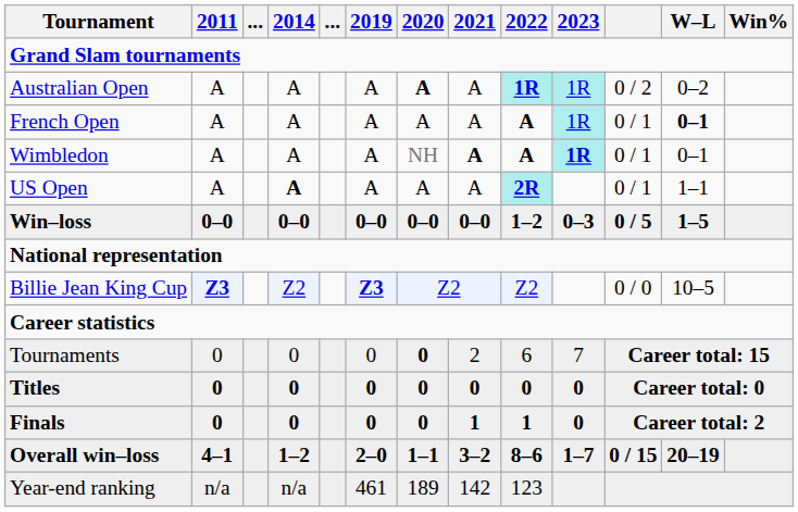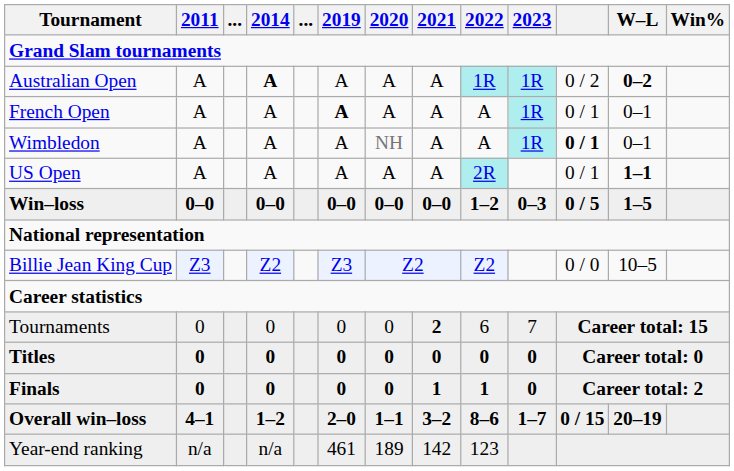 <table class="wikitable" style=text-align:center>
 <tr>
 <th>Tournament</th>
 <th><a href='#'>2011</a></th>
 <th>...</th>
 <th><a href='#'>2014</a></th>
 <th>...</th>
 <th><a href='#'>2019</a></th>
 <th><a href='#'>2020</a></th>
 <th><a href='#'>2021</a></th>
 <th><a href='#'>2022</a></th>
 <th><a href='#'>2023</a></th>
 <th></th>
 <th>W–L</th>
 <th>Win%</th>
 </tr>
 <tr>
 <td colspan="13" align="left"><strong><a href='#'>Grand Slam tournaments</a></strong></td>
 </tr>
 <tr>
 <td align=left><a href='#'>Australian Open</a></td>
 <td>A</td>
 <td></td>
-<td>A</td>
+<td><strong>A</strong></td>
 <td></td>
 <td>A</td>
-<td><strong>A</strong></td>
 <td>A</td>
-<td bgcolor=afeeee><strong><a href='#'>1R</a></strong></td>
+<td>A</td>
+<td bgcolor=afeeee><a href='#'>1R</a></td>
 <td bgcolor=afeeee><a href='#'>1R</a></td>
 <td>0 / 2</td>
-<td>0–2</td>
+<td><strong>0–2</strong></td>
 <td></td>
 </tr>
 <tr>
 <td align=left><a href='#'>French Open</a></td>
 <td>A</td>
 <td></td>
 <td>A</td>
 <td></td>
+<td><strong>A</strong></td>
 <td>A</td>
 <td>A</td>
 <td>A</td>
-<td><strong>A</strong></td>
 <td bgcolor=afeeee><a href='#'>1R</a></td>
 <td>0 / 1</td>
-<td><strong>0–1</strong></td>
+<td>0–1</td>
 <td></td>
 </tr>
 <tr>
 <td align=left><a href='#'>Wimbledon</a></td>
 <td>A</td>
 <td></td>
 <td>A</td>
 <td></td>
 <td>A</td>
 <td style=color:#767676>NH</td>
-<td><strong>A</strong></td>
-<td><strong>A</strong></td>
-<td bgcolor=afeeee><strong><a href='#'>1R</a></strong></td>
-<td>0 / 1</td>
+<td>A</td>
+<td>A</td>
+<td bgcolor=afeeee><a href='#'>1R</a></td>
+<td><strong>0 / 1</strong></td>
 <td>0–1</td>
 <td></td>
 </tr>
 <tr>
 <td align=left><a href='#'>US Open</a></td>
 <td>A</td>
 <td></td>
-<td><strong>A</strong></td>
+<td>A</td>
 <td></td>
 <td>A</td>
 <td>A</td>
 <td>A</td>
-<td bgcolor=afeeee><strong><a href='#'>2R</a></strong></td>
+<td bgcolor=afeeee><a href='#'>2R</a></td>
 <td></td>
 <td>0 / 1</td>
-<td>1–1</td>
+<td><strong>1–1</strong></td>
 <td></td>
 </tr>
 <tr style=background:#efefef;font-weight:bold>
 <td align=left>Win–loss</td>
 <td>0–0</td>
 <td></td>
 <td>0–0</td>
 <td></td>
 <td>0–0</td>
 <td>0–0</td>
 <td>0–0</td>
 <td>1–2</td>
 <td>0–3</td>
 <td>0 / 5</td>
 <td>1–5</td>
 <td></td>
 </tr>
 <tr>
 <td colspan="13" align=left><strong>National representation</strong></td>
 </tr>
 <tr>
 <td align=left><a href='#'>Billie Jean King Cup</a></td>
-<td bgcolor=ecf2ff><strong><a href='#'>Z3</a></strong></td>
+<td bgcolor=ecf2ff><a href='#'>Z3</a></td>
 <td></td>
 <td bgcolor=ecf2ff><a href='#'>Z2</a></td>
 <td></td>
-<td bgcolor=ecf2ff><strong><a href='#'>Z3</a></strong></td>
+<td bgcolor=ecf2ff><a href='#'>Z3</a></td>
 <td colspan="2" bgcolor=ecf2ff><a href='#'>Z2</a></td>
 <td bgcolor=ecf2ff><a href='#'>Z2</a></td>
 <td></td>
 <td>0 / 0</td>
 <td>10–5</td>
 <td></td>
 </tr>
 <tr>
 <td colspan="13" align="left"><strong>Career statistics</strong></td>
 </tr>
 <tr bgcolor="efefef">
 <td align="left">Tournaments</td>
 <td>0</td>
 <td></td>
 <td>0</td>
 <td></td>
 <td>0</td>
-<td><strong>0</strong></td>
-<td>2</td>
+<td>0</td>
+<td><strong>2</strong></td>
 <td>6</td>
 <td>7</td>
 <td colspan="3"><strong>Career total: 15</strong></td>
 </tr>
 <tr style="background:#efefef;font-weight:bold">
 <td align="left">Titles</td>
 <td>0</td>
 <td></td>
 <td>0</td>
 <td></td>
 <td>0</td>
 <td>0</td>
 <td>0</td>
 <td>0</td>
 <td>0</td>
 <td colspan="3">Career total: 0</td>
 </tr>
 <tr style="background:#efefef;font-weight:bold">
 <td align="left">Finals</td>
 <td>0</td>
 <td></td>
 <td>0</td>
 <td></td>
 <td>0</td>
 <td>0</td>
 <td>1</td>
 <td>1</td>
 <td>0</td>
 <td colspan="3">Career total: 2</td>
 </tr>
 <tr style="background:#efefef;font-weight:bold">
 <td align="left">Overall win–loss</td>
 <td>4–1</td>
 <td></td>
 <td>1–2</td>
 <td></td>
 <td>2–0</td>
 <td>1–1</td>
 <td>3–2</td>
 <td>8–6</td>
 <td>1–7</td>
 <td>0 / 15</td>
 <td>20–19</td>
 <td></td>
 </tr>
 <tr bgcolor="efefef">
 <td align="left">Year-end ranking</td>
 <td>n/a</td>
 <td></td>
 <td>n/a</td>
 <td></td>
 <td>461</td>
 <td>189</td>
 <td>142</td>
 <td>123</td>
 <td></td>
 <td colspan="3"></td>
 </tr>
 </table>
